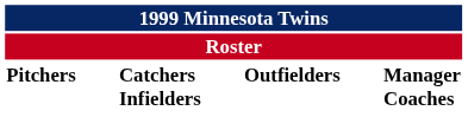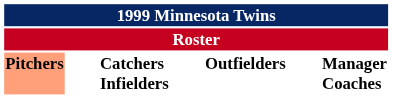 <table class="toccolours" style="font-size: 95%;">
 <tr>
 <th colspan="10" style="background-color: #072764; color: #FFFFFF; text-align: center;">1999 Minnesota Twins</th>
 </tr>
 <tr>
 <td colspan="10" style="background-color: #c6011f; color: white; text-align: center;"><strong>Roster</strong></td>
 </tr>
 <tr>
-<td valign="top"><strong>Pitchers</strong><br>                 </td>
+<td valign="top" style="background: lightsalmon;"><strong>Pitchers</strong><br>                 </td>
 <td width="25px"></td>
 <td valign="top"><strong>Catchers</strong><br>   <strong>Infielders</strong>         </td>
 <td width="25px"></td>
 <td valign="top"><strong>Outfielders</strong><br>      </td>
 <td width="25px"></td>
 <td valign="top"><strong>Manager</strong><br> <strong>Coaches</strong>     </td>
 </tr>
 <tr>
 </tr>
 </table>
